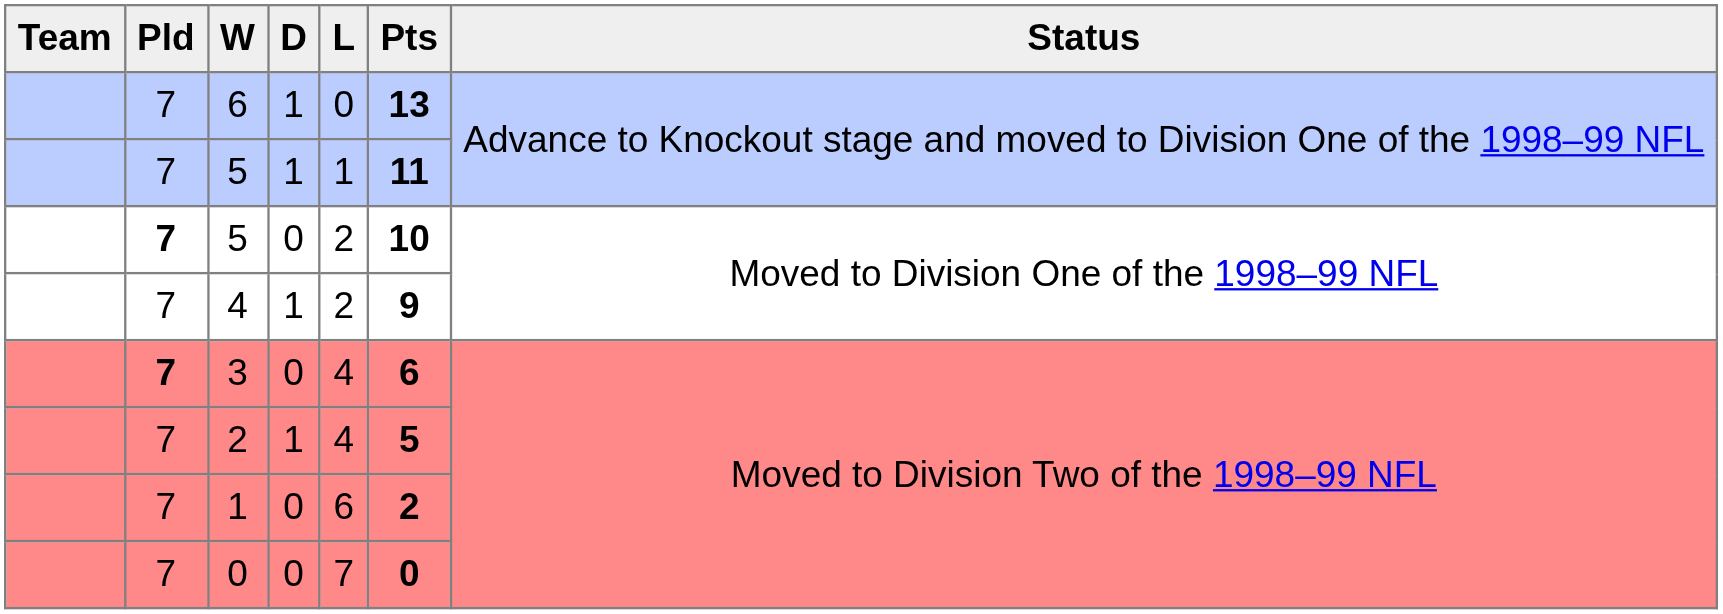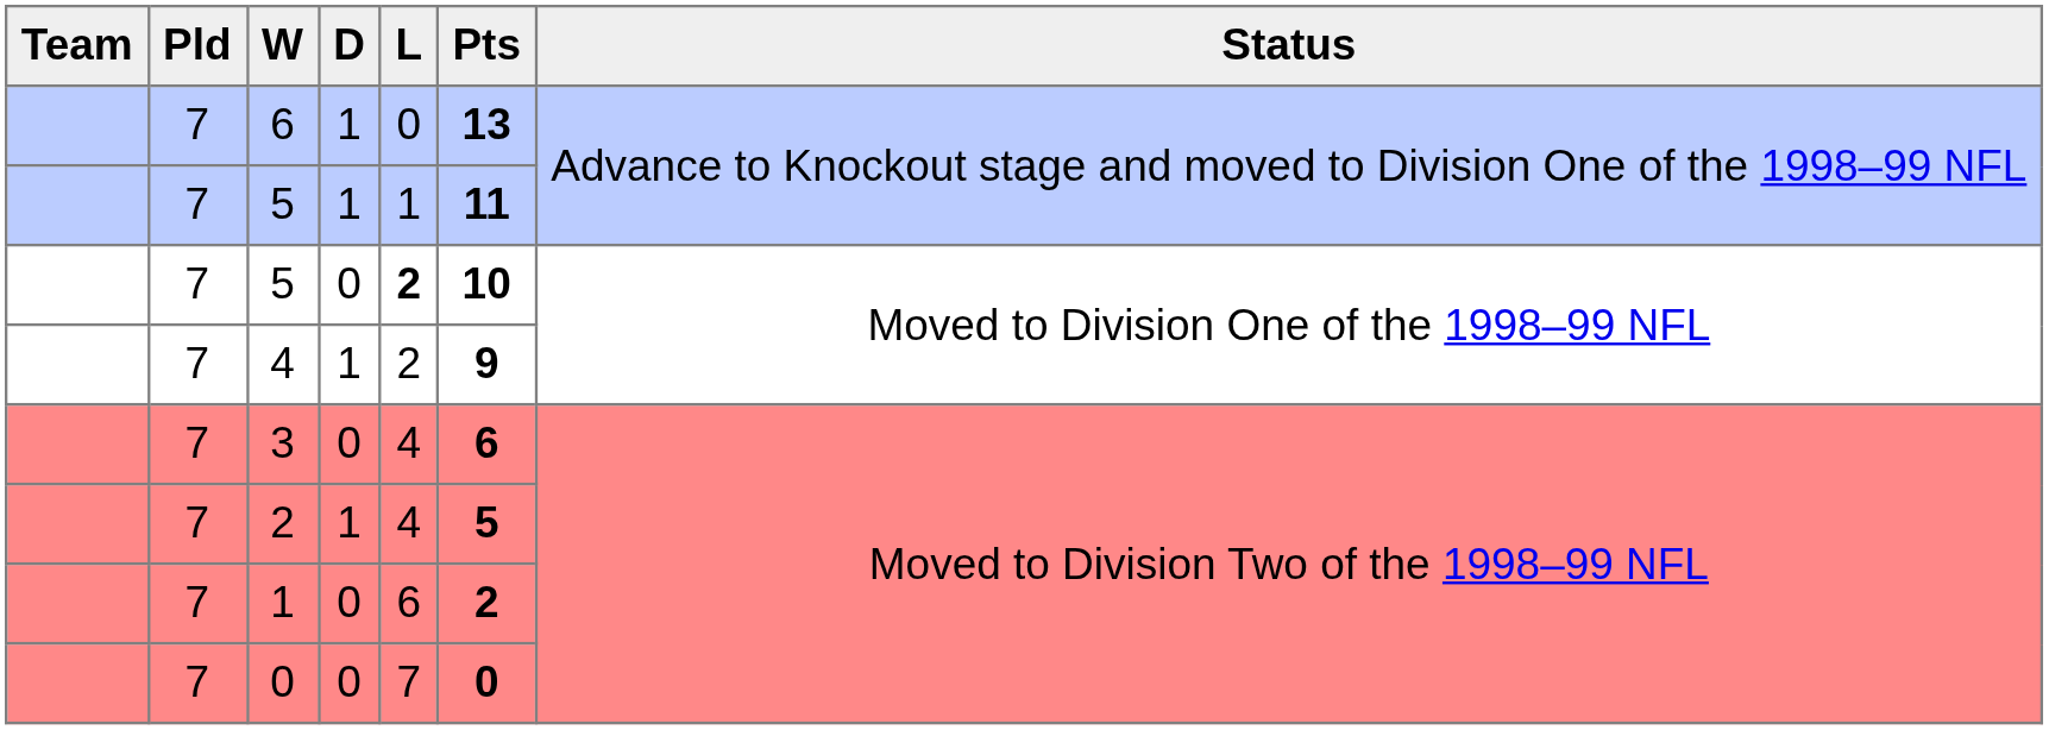 <table style=border-collapse:collapse border=1 cellspacing=0 cellpadding=5>
 <tr align=center bgcolor=#efefef>
 <th>Team</th>
 <th>Pld</th>
 <th>W</th>
 <th>D</th>
 <th>L</th>
 <th>Pts</th>
 <th>Status</th>
 </tr>
 <tr align=center style="background:#bbccff;">
 <td style="text-align:left;"> </td>
 <td>7</td>
 <td>6</td>
 <td>1</td>
 <td>0</td>
 <td><strong>13</strong></td>
 <td rowspan=2>Advance to Knockout stage and moved to Division One of the <a href='#'>1998–99 NFL</a></td>
 </tr>
 <tr align=center style="background:#bbccff;">
 <td style="text-align:left;"> </td>
 <td>7</td>
 <td>5</td>
 <td>1</td>
 <td>1</td>
 <td><strong>11</strong></td>
 </tr>
 <tr align=center style="background:#FFFFFF;">
 <td style="text-align:left;"> </td>
-<td><strong>7</strong></td>
+<td>7</td>
 <td>5</td>
 <td>0</td>
-<td>2</td>
+<td><strong>2</strong></td>
 <td><strong>10</strong></td>
 <td rowspan=2>Moved to Division One of the <a href='#'>1998–99 NFL</a></td>
 </tr>
 <tr align=center style="background:#FFFFFF;">
 <td style="text-align:left;"> </td>
 <td>7</td>
 <td>4</td>
 <td>1</td>
 <td>2</td>
 <td><strong>9</strong></td>
 </tr>
 <tr align=center style="background:#FF8888;">
 <td style="text-align:left;"> </td>
-<td><strong>7</strong></td>
+<td>7</td>
 <td>3</td>
 <td>0</td>
 <td>4</td>
 <td><strong>6</strong></td>
 <td rowspan=4>Moved to Division Two of the <a href='#'>1998–99 NFL</a></td>
 </tr>
 <tr align=center style="background:#FF8888;">
 <td style="text-align:left;"> </td>
 <td>7</td>
 <td>2</td>
 <td>1</td>
 <td>4</td>
 <td><strong>5</strong></td>
 </tr>
 <tr align=center style="background:#FF8888;">
 <td style="text-align:left;"> </td>
 <td>7</td>
 <td>1</td>
 <td>0</td>
 <td>6</td>
 <td><strong>2</strong></td>
 </tr>
 <tr align=center style="background:#FF8888;">
 <td style="text-align:left;"> </td>
 <td>7</td>
 <td>0</td>
 <td>0</td>
 <td>7</td>
 <td><strong>0</strong></td>
 </tr>
 </table>
